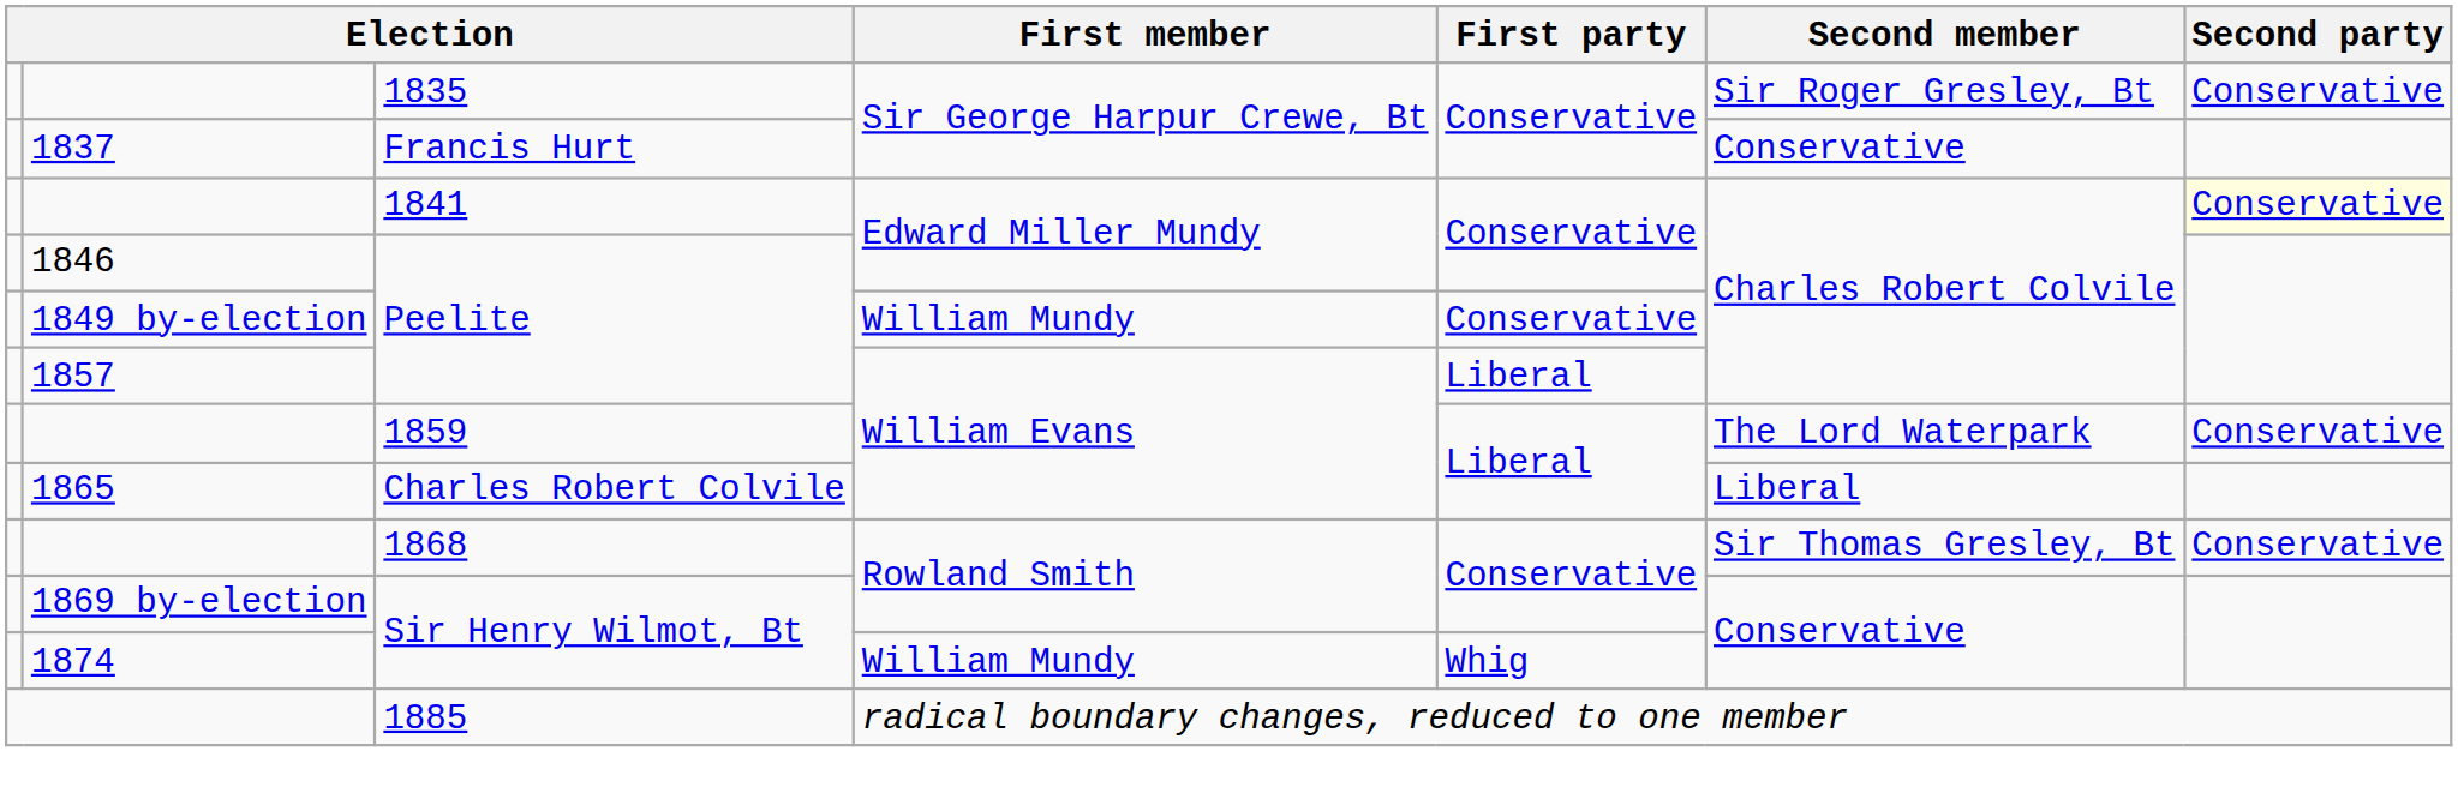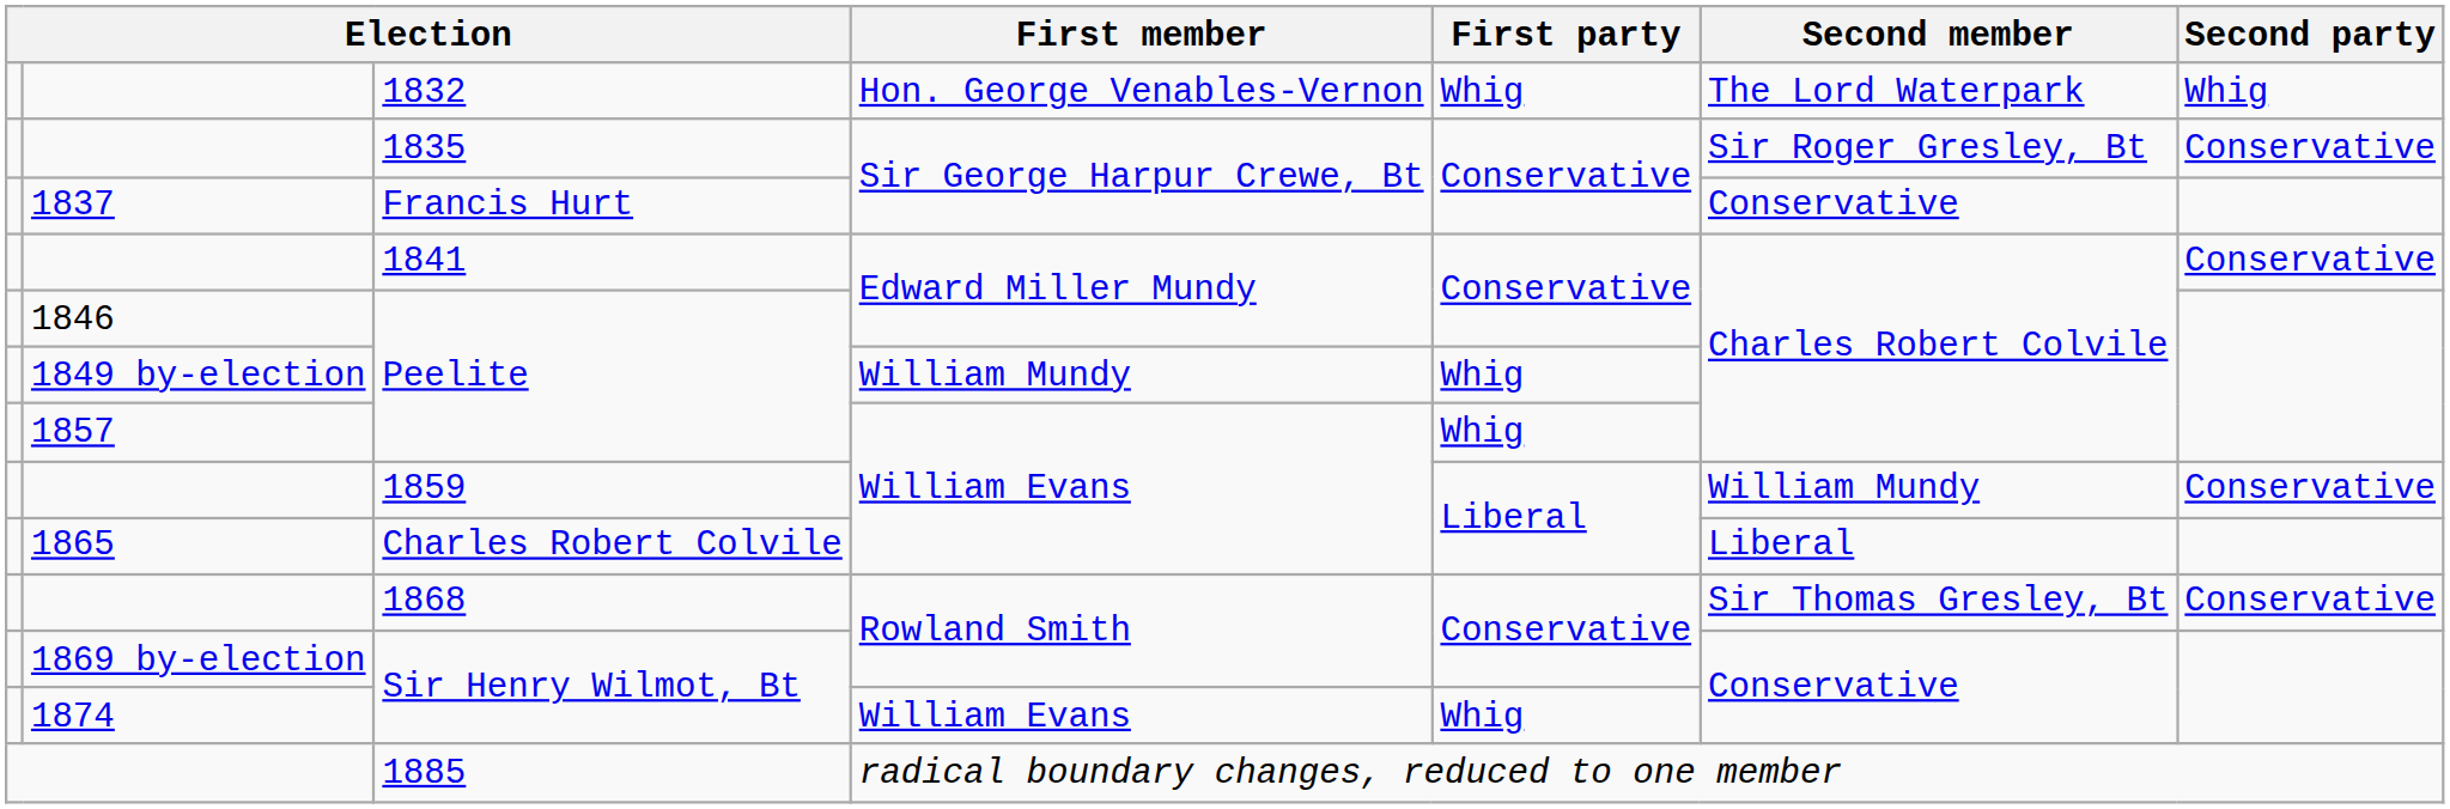 <table class="wikitable">
 <tr>
 <th colspan="3">Election</th>
 <th>First member</th>
 <th>First party</th>
 <th>Second member</th>
 <th>Second party</th>
+</tr>
+<tr>
+<td style="color:inherit;background-color: "></td>
+<td style="color:inherit;background-color: "></td>
+<td><a href='#'>1832</a></td>
+<td><a href='#'>Hon. George Venables-Vernon</a></td>
+<td><a href='#'>Whig</a></td>
+<td><a href='#'>The Lord Waterpark</a></td>
+<td><a href='#'>Whig</a></td>
 </tr>
 <tr>
 <td style="color:inherit;background-color: "></td>
 <td style="color:inherit;background-color: "></td>
 <td><a href='#'>1835</a></td>
 <td rowspan="2"><a href='#'>Sir George Harpur Crewe, Bt</a></td>
 <td rowspan="2"><a href='#'>Conservative</a></td>
 <td><a href='#'>Sir Roger Gresley, Bt</a></td>
 <td><a href='#'>Conservative</a></td>
 </tr>
 <tr>
 <td style="color:inherit;background-color: "></td>
 <td><a href='#'>1837</a></td>
 <td><a href='#'>Francis Hurt</a></td>
 <td><a href='#'>Conservative</a></td>
 </tr>
 <tr>
 <td style="color:inherit;background-color: "></td>
 <td style="color:inherit;background-color: "></td>
 <td><a href='#'>1841</a></td>
 <td rowspan="2"><a href='#'>Edward Miller Mundy</a></td>
 <td rowspan="2"><a href='#'>Conservative</a></td>
 <td rowspan="4"><a href='#'>Charles Robert Colvile</a></td>
-<td style="background: lightyellow;"><a href='#'>Conservative</a></td>
+<td><a href='#'>Conservative</a></td>
 </tr>
 <tr>
 <td style="color:inherit;background-color: "></td>
 <td>1846</td>
 <td rowspan="3"><a href='#'>Peelite</a></td>
 </tr>
 <tr>
 <td style="color:inherit;background-color: "></td>
 <td><a href='#'>1849 by-election</a></td>
 <td><a href='#'>William Mundy</a></td>
-<td><a href='#'>Conservative</a></td>
+<td><a href='#'>Whig</a></td>
 </tr>
 <tr>
 <td style="color:inherit;background-color: "></td>
 <td><a href='#'>1857</a></td>
 <td rowspan="3"><a href='#'>William Evans</a></td>
-<td><a href='#'>Liberal</a></td>
+<td rowspan="1"><a href='#'>Whig</a></td>
 </tr>
 <tr>
 <td style="color:inherit;background-color: "></td>
 <td style="color:inherit;background-color: "></td>
 <td><a href='#'>1859</a></td>
 <td rowspan="2"><a href='#'>Liberal</a></td>
-<td><a href='#'>The Lord Waterpark</a></td>
+<td><a href='#'>William Mundy</a></td>
 <td><a href='#'>Conservative</a></td>
 </tr>
 <tr>
 <td style="color:inherit;background-color: "></td>
 <td><a href='#'>1865</a></td>
 <td><a href='#'>Charles Robert Colvile</a></td>
 <td><a href='#'>Liberal</a></td>
 </tr>
 <tr>
 <td style="color:inherit;background-color: "></td>
 <td style="color:inherit;background-color: "></td>
 <td><a href='#'>1868</a></td>
 <td rowspan="2"><a href='#'>Rowland Smith</a></td>
 <td rowspan="2"><a href='#'>Conservative</a></td>
 <td><a href='#'>Sir Thomas Gresley, Bt</a></td>
 <td><a href='#'>Conservative</a></td>
 </tr>
 <tr>
 <td style="color:inherit;background-color: "></td>
 <td><a href='#'>1869 by-election</a></td>
 <td rowspan="2"><a href='#'>Sir Henry Wilmot, Bt</a></td>
 <td rowspan="2"><a href='#'>Conservative</a></td>
 </tr>
 <tr>
 <td style="color:inherit;background-color: "></td>
 <td><a href='#'>1874</a></td>
-<td><a href='#'>William Mundy</a></td>
+<td><a href='#'>William Evans</a></td>
 <td><a href='#'>Whig</a></td>
 </tr>
 <tr>
 <td colspan="2"></td>
 <td><a href='#'>1885</a></td>
 <td colspan="4"><em>radical boundary changes, reduced to one member</em></td>
 </tr>
 </table>
